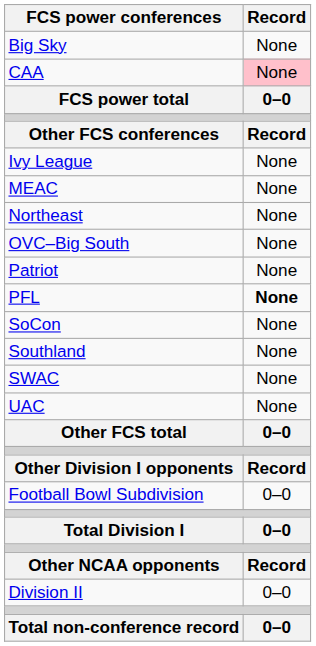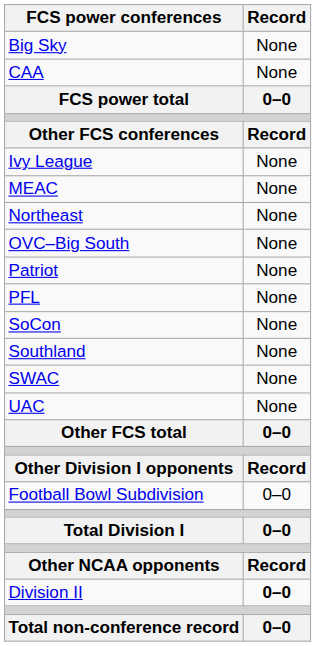 <table class="wikitable">
 <tr>
 <th>FCS power conferences</th>
 <th>Record</th>
 </tr>
 <tr>
 <td><a href='#'>Big Sky</a></td>
 <td align=center>None</td>
 </tr>
 <tr>
 <td><a href='#'>CAA</a></td>
-<td align=center style="background: pink;">None</td>
+<td align=center>None</td>
 </tr>
 <tr>
 <th>FCS power total</th>
 <th>0–0</th>
 </tr>
 <tr>
 <th colspan="2" style="background:lightgrey;"></th>
 </tr>
 <tr>
 <th>Other FCS conferences</th>
 <th>Record</th>
 </tr>
 <tr>
 <td><a href='#'>Ivy League</a></td>
 <td align=center>None</td>
 </tr>
 <tr>
 <td><a href='#'>MEAC</a></td>
 <td align=center>None</td>
 </tr>
 <tr>
 <td><a href='#'>Northeast</a></td>
 <td align=center>None</td>
 </tr>
 <tr>
 <td><a href='#'>OVC–Big South</a></td>
 <td align=center>None</td>
 </tr>
 <tr>
 <td><a href='#'>Patriot</a></td>
 <td align=center>None</td>
 </tr>
 <tr>
 <td><a href='#'>PFL</a></td>
-<td align=center><strong>None</strong></td>
+<td align=center>None</td>
 </tr>
 <tr>
 <td><a href='#'>SoCon</a></td>
 <td align=center>None</td>
 </tr>
 <tr>
 <td><a href='#'>Southland</a></td>
 <td align=center>None</td>
 </tr>
 <tr>
 <td><a href='#'>SWAC</a></td>
 <td align=center>None</td>
 </tr>
 <tr>
 <td><a href='#'>UAC</a></td>
 <td align=center>None</td>
 </tr>
 <tr>
 <th>Other FCS total</th>
 <th>0–0</th>
 </tr>
 <tr>
 <th colspan="2" style="background:lightgrey;"></th>
 </tr>
 <tr>
 <th>Other Division I opponents</th>
 <th>Record</th>
 </tr>
 <tr>
 <td><a href='#'>Football Bowl Subdivision</a></td>
 <td align=center>0–0</td>
 </tr>
 <tr>
 <th colspan="2" style="background:lightgrey;"></th>
 </tr>
 <tr>
 <th>Total Division I</th>
 <th>0–0</th>
 </tr>
 <tr>
 <th colspan="2" style="background:lightgrey;"></th>
 </tr>
 <tr>
 <th>Other NCAA opponents</th>
 <th>Record</th>
 </tr>
 <tr>
 <td><a href='#'>Division II</a></td>
-<td align=center>0–0</td>
+<td align=center><strong>0–0</strong></td>
 </tr>
 <tr>
 <th colspan="2" style="background:lightgrey;"></th>
 </tr>
 <tr>
 <th>Total non-conference record</th>
 <th>0–0</th>
 </tr>
 </table>
